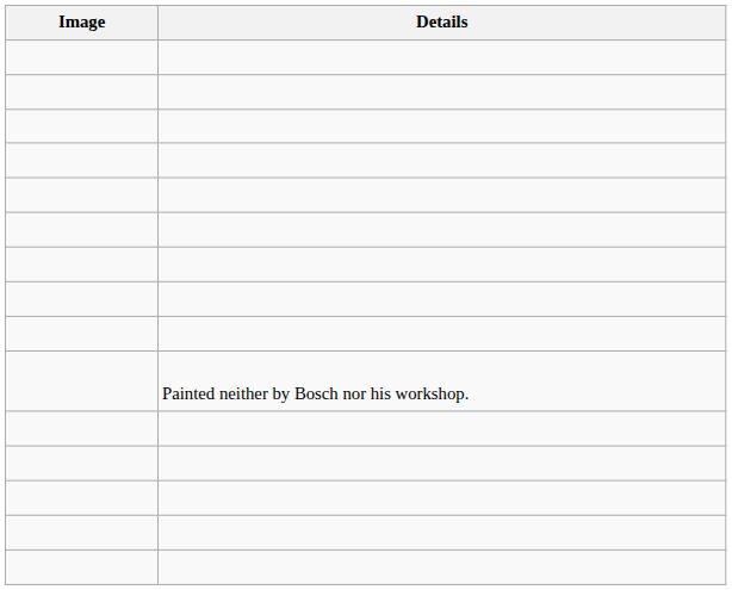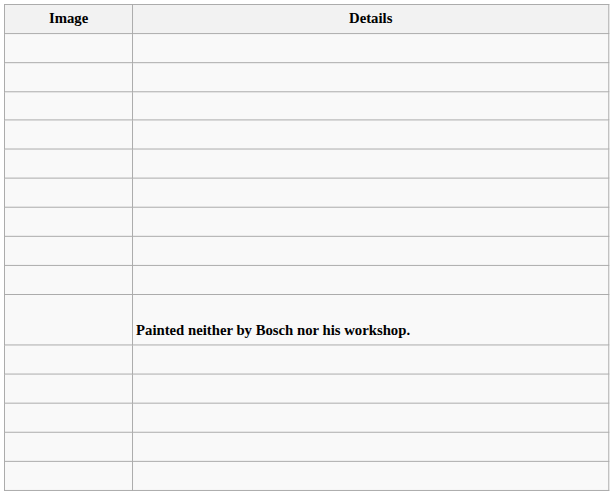 <table class="wikitable sortable" style="font-size:95%;border:0px;text-align:left;line-height:150%;" width="100%">
 <tr>
 <th width="125" class="unsortable">Image</th>
 <th class="unsortable">Details</th>
 </tr>
 <tr>
 <td></td>
 <td><br></td>
 </tr>
 <tr>
 <td></td>
 <td><br></td>
 </tr>
 <tr>
 <td></td>
 <td><br></td>
 </tr>
 <tr>
 <td></td>
 <td><br></td>
 </tr>
 <tr>
 <td></td>
 <td><br></td>
 </tr>
 <tr>
 <td></td>
 <td><br></td>
 </tr>
 <tr>
 <td></td>
 <td><br></td>
 </tr>
 <tr>
 <td></td>
 <td><br></td>
 </tr>
 <tr>
 <td></td>
 <td><br></td>
 </tr>
 <tr>
 <td></td>
-<td><br>Painted neither by Bosch nor his workshop.</td>
+<td><strong><br>Painted neither by Bosch nor his workshop.</strong></td>
 </tr>
 <tr>
 <td></td>
 <td><br></td>
 </tr>
 <tr>
 <td></td>
 <td><br></td>
 </tr>
 <tr>
 <td></td>
 <td><br></td>
 </tr>
 <tr>
 <td></td>
 <td><br></td>
 </tr>
 <tr>
 <td></td>
 <td><br></td>
 </tr>
 <tr>
 </tr>
 </table>
